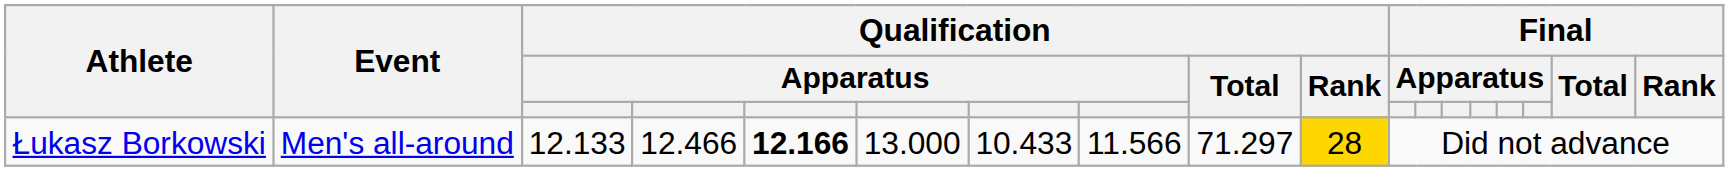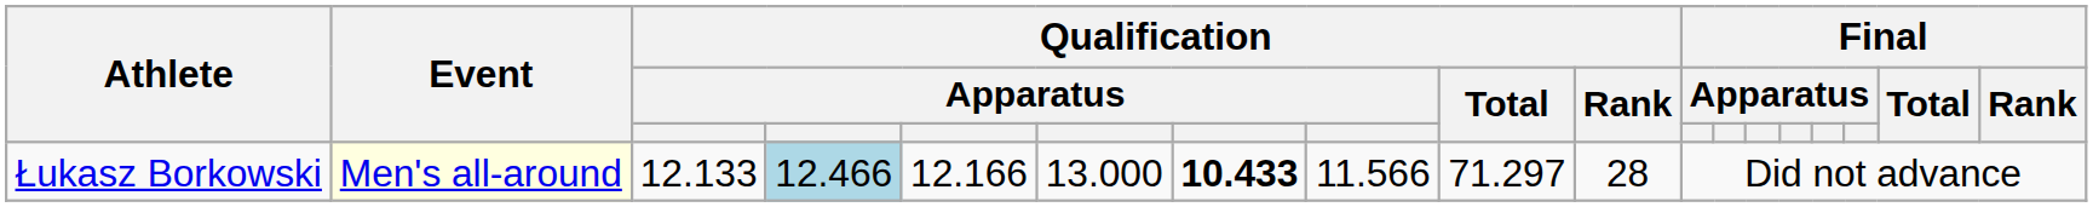 <table class="wikitable" style="font-size:90%">
 <tr>
 <th rowspan=3>Athlete</th>
 <th rowspan=3>Event</th>
 <th colspan=8>Qualification</th>
 <th colspan=8>Final</th>
 </tr>
 <tr style="font-size:95%">
 <th colspan=6>Apparatus</th>
 <th rowspan=2>Total</th>
 <th rowspan=2>Rank</th>
 <th colspan=6>Apparatus</th>
 <th rowspan=2>Total</th>
 <th rowspan=2>Rank</th>
 </tr>
 <tr style="font-size:95%">
 <th></th>
 <th></th>
 <th></th>
 <th></th>
 <th></th>
 <th></th>
 <th></th>
 <th></th>
 <th></th>
 <th></th>
 <th></th>
 <th></th>
 </tr>
 <tr align=center>
 <td align=left><a href='#'>Łukasz Borkowski</a></td>
-<td align=left><a href='#'>Men's all-around</a></td>
+<td align=left style="background: lightyellow;"><a href='#'>Men's all-around</a></td>
 <td>12.133</td>
-<td>12.466</td>
-<td><strong>12.166</strong></td>
+<td style="background: lightblue;">12.466</td>
+<td>12.166</td>
 <td>13.000</td>
-<td>10.433</td>
+<td><strong>10.433</strong></td>
 <td>11.566</td>
 <td>71.297</td>
-<td style="background: gold;">28</td>
+<td>28</td>
 <td colspan=8 align=center>Did not advance</td>
 </tr>
 </table>
